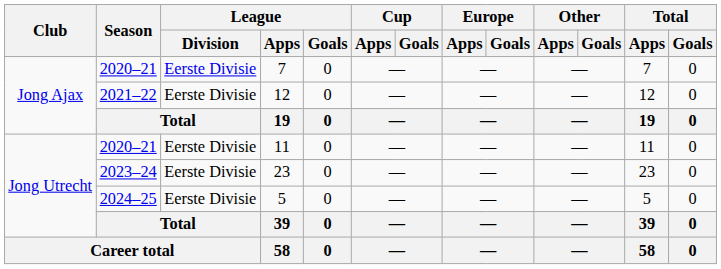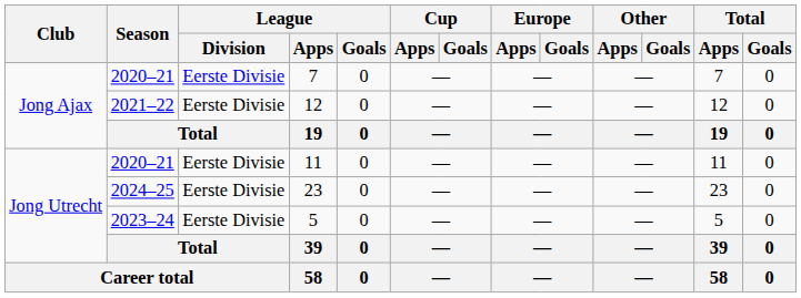 <table class="wikitable" style="text-align:center">
 <tr>
 <th rowspan="2">Club</th>
 <th rowspan="2">Season</th>
 <th colspan="3">League</th>
 <th colspan="2">Cup</th>
 <th colspan="2">Europe</th>
 <th colspan="2">Other</th>
 <th colspan="2">Total</th>
 </tr>
 <tr>
 <th>Division</th>
 <th>Apps</th>
 <th>Goals</th>
 <th>Apps</th>
 <th>Goals</th>
 <th>Apps</th>
 <th>Goals</th>
 <th>Apps</th>
 <th>Goals</th>
 <th>Apps</th>
 <th>Goals</th>
 </tr>
 <tr>
 <td rowspan="3"><a href='#'>Jong Ajax</a></td>
 <td><a href='#'>2020–21</a></td>
 <td><a href='#'>Eerste Divisie</a></td>
 <td>7</td>
 <td>0</td>
 <td colspan="2">—</td>
 <td colspan="2">—</td>
 <td colspan="2">—</td>
 <td>7</td>
 <td>0</td>
 </tr>
 <tr>
 <td><a href='#'>2021–22</a></td>
 <td>Eerste Divisie</td>
 <td>12</td>
 <td>0</td>
 <td colspan="2">—</td>
 <td colspan="2">—</td>
 <td colspan="2">—</td>
 <td>12</td>
 <td>0</td>
 </tr>
 <tr>
 <th colspan="2">Total</th>
 <th>19</th>
 <th>0</th>
 <th colspan="2">—</th>
 <th colspan="2">—</th>
 <th colspan="2">—</th>
 <th>19</th>
 <th>0</th>
 </tr>
 <tr>
 <td rowspan="4"><a href='#'>Jong Utrecht</a></td>
 <td><a href='#'>2020–21</a></td>
 <td>Eerste Divisie</td>
 <td>11</td>
 <td>0</td>
 <td colspan="2">—</td>
 <td colspan="2">—</td>
 <td colspan="2">—</td>
 <td>11</td>
 <td>0</td>
 </tr>
 <tr>
-<td><a href='#'>2023–24</a></td>
+<td><a href='#'>2024–25</a></td>
 <td>Eerste Divisie</td>
 <td>23</td>
 <td>0</td>
 <td colspan="2">—</td>
 <td colspan="2">—</td>
 <td colspan="2">—</td>
 <td>23</td>
 <td>0</td>
 </tr>
 <tr>
-<td><a href='#'>2024–25</a></td>
+<td><a href='#'>2023–24</a></td>
 <td>Eerste Divisie</td>
 <td>5</td>
 <td>0</td>
 <td colspan="2">—</td>
 <td colspan="2">—</td>
 <td colspan="2">—</td>
 <td>5</td>
 <td>0</td>
 </tr>
 <tr>
 <th colspan="2">Total</th>
 <th>39</th>
 <th>0</th>
 <th colspan="2">—</th>
 <th colspan="2">—</th>
 <th colspan="2">—</th>
 <th>39</th>
 <th>0</th>
 </tr>
 <tr>
 <th colspan="3">Career total</th>
 <th>58</th>
 <th>0</th>
 <th colspan="2">—</th>
 <th colspan="2">—</th>
 <th colspan="2">—</th>
 <th>58</th>
 <th>0</th>
 </tr>
 </table>
